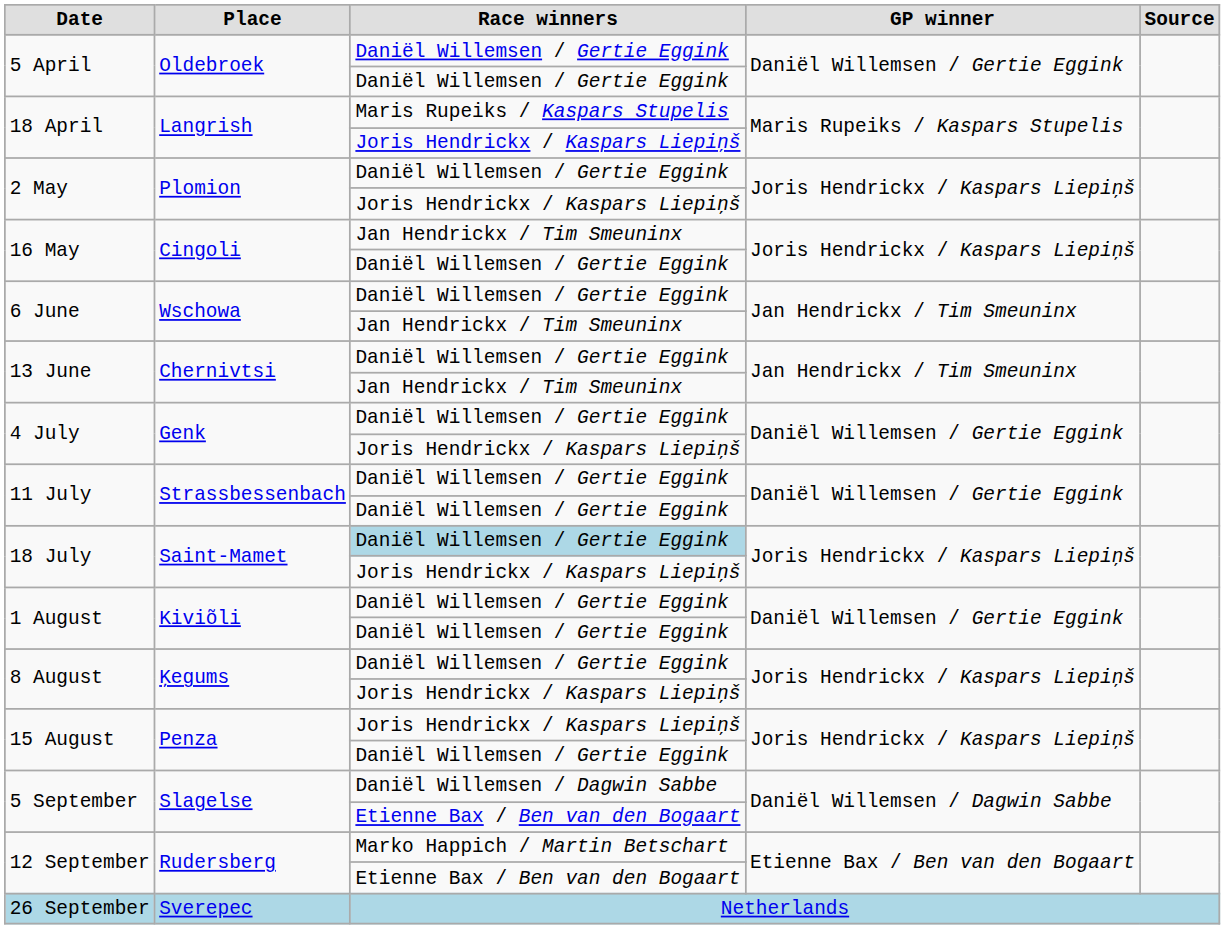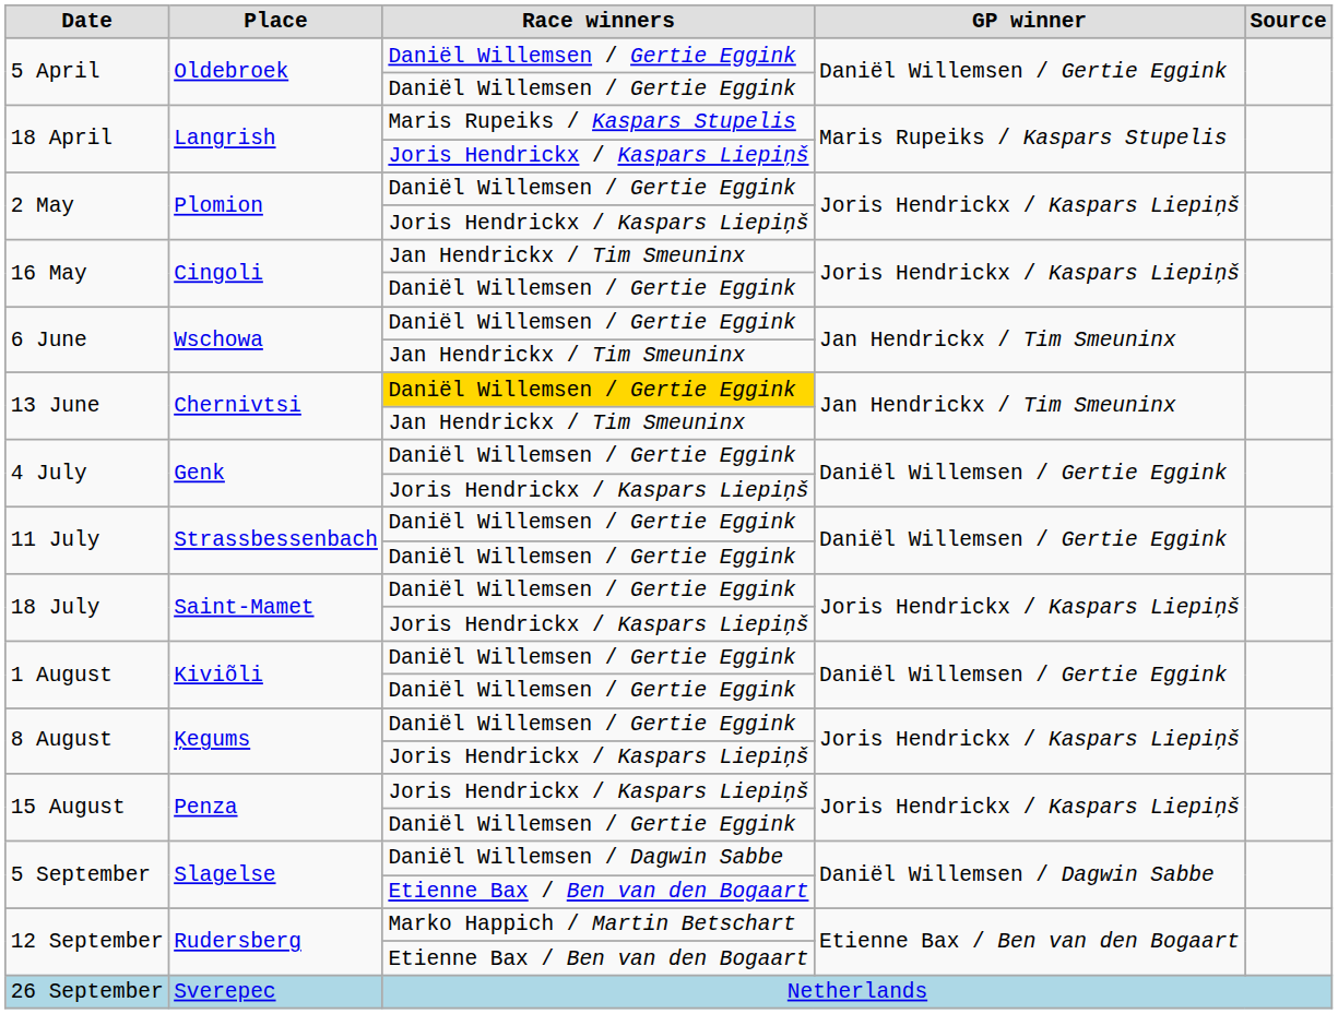 <table class="wikitable" style="font-size: 85%;">
 <tr align="center" style="background:#dfdfdf;">
 <td><strong>Date</strong></td>
 <td><strong>Place</strong></td>
 <td><strong>Race winners</strong></td>
 <td><strong>GP winner</strong></td>
 <td><strong>Source</strong></td>
 </tr>
 <tr>
 <td rowspan=2>5 April</td>
 <td rowspan=2> <a href='#'>Oldebroek</a></td>
 <td> <a href='#'>Daniël Willemsen</a> / <em><a href='#'>Gertie Eggink</a></em></td>
 <td rowspan=2> Daniël Willemsen / <em>Gertie Eggink</em></td>
 <td rowspan=2></td>
 </tr>
 <tr>
 <td> Daniël Willemsen / <em>Gertie Eggink</em></td>
 </tr>
 <tr>
 <td rowspan=2>18 April</td>
 <td rowspan=2> <a href='#'>Langrish</a></td>
 <td> Maris Rupeiks / <em><a href='#'>Kaspars Stupelis</a></em></td>
 <td rowspan=2> Maris Rupeiks / <em>Kaspars Stupelis</em></td>
 <td rowspan=2></td>
 </tr>
 <tr>
 <td> <a href='#'>Joris Hendrickx</a> / <em><a href='#'>Kaspars Liepiņš</a></em></td>
 </tr>
 <tr>
 <td rowspan=2>2 May</td>
 <td rowspan=2> <a href='#'>Plomion</a></td>
 <td> Daniël Willemsen / <em>Gertie Eggink</em></td>
 <td rowspan=2> Joris Hendrickx / <em>Kaspars Liepiņš</em></td>
 <td rowspan=2></td>
 </tr>
 <tr>
 <td> Joris Hendrickx / <em>Kaspars Liepiņš</em></td>
 </tr>
 <tr>
 <td rowspan=2>16 May</td>
 <td rowspan=2> <a href='#'>Cingoli</a></td>
 <td> Jan Hendrickx / <em>Tim Smeuninx</em></td>
 <td rowspan=2> Joris Hendrickx / <em>Kaspars Liepiņš</em></td>
 <td rowspan=2></td>
 </tr>
 <tr>
 <td> Daniël Willemsen / <em>Gertie Eggink</em></td>
 </tr>
 <tr>
 <td rowspan=2>6 June</td>
 <td rowspan=2> <a href='#'>Wschowa</a></td>
 <td> Daniël Willemsen / <em>Gertie Eggink</em></td>
 <td rowspan=2> Jan Hendrickx / <em>Tim Smeuninx</em></td>
 <td rowspan=2></td>
 </tr>
 <tr>
 <td> Jan Hendrickx / <em>Tim Smeuninx</em></td>
 </tr>
 <tr>
 <td rowspan=2>13 June</td>
 <td rowspan=2> <a href='#'>Chernivtsi</a></td>
-<td> Daniël Willemsen / <em>Gertie Eggink</em></td>
+<td style="background: gold;"> Daniël Willemsen / <em>Gertie Eggink</em></td>
 <td rowspan=2> Jan Hendrickx / <em>Tim Smeuninx</em></td>
 <td rowspan=2></td>
 </tr>
 <tr>
 <td> Jan Hendrickx / <em>Tim Smeuninx</em></td>
 </tr>
 <tr>
 <td rowspan=2>4 July</td>
 <td rowspan=2> <a href='#'>Genk</a></td>
 <td> Daniël Willemsen / <em>Gertie Eggink</em></td>
 <td rowspan=2> Daniël Willemsen / <em>Gertie Eggink</em></td>
 <td rowspan=2></td>
 </tr>
 <tr>
 <td> Joris Hendrickx / <em>Kaspars Liepiņš</em></td>
 </tr>
 <tr>
 <td rowspan=2>11 July</td>
 <td rowspan=2> <a href='#'>Strassbessenbach</a></td>
 <td> Daniël Willemsen / <em>Gertie Eggink</em></td>
 <td rowspan=2> Daniël Willemsen / <em>Gertie Eggink</em></td>
 <td rowspan=2></td>
 </tr>
 <tr>
 <td> Daniël Willemsen / <em>Gertie Eggink</em></td>
 </tr>
 <tr>
 <td rowspan=2>18 July</td>
 <td rowspan=2> <a href='#'>Saint-Mamet</a></td>
-<td style="background: lightblue;"> Daniël Willemsen / <em>Gertie Eggink</em></td>
+<td> Daniël Willemsen / <em>Gertie Eggink</em></td>
 <td rowspan=2> Joris Hendrickx / <em>Kaspars Liepiņš</em></td>
 <td rowspan=2></td>
 </tr>
 <tr>
 <td> Joris Hendrickx / <em>Kaspars Liepiņš</em></td>
 </tr>
 <tr>
 <td rowspan=2>1 August</td>
 <td rowspan=2> <a href='#'>Kiviõli</a></td>
 <td> Daniël Willemsen / <em>Gertie Eggink</em></td>
 <td rowspan=2> Daniël Willemsen / <em>Gertie Eggink</em></td>
 <td rowspan=2></td>
 </tr>
 <tr>
 <td> Daniël Willemsen / <em>Gertie Eggink</em></td>
 </tr>
 <tr>
 <td rowspan=2>8 August</td>
 <td rowspan=2> <a href='#'>Ķegums</a></td>
 <td> Daniël Willemsen / <em>Gertie Eggink</em></td>
 <td rowspan=2> Joris Hendrickx / <em>Kaspars Liepiņš</em></td>
 <td rowspan=2></td>
 </tr>
 <tr>
 <td> Joris Hendrickx / <em>Kaspars Liepiņš</em></td>
 </tr>
 <tr>
 <td rowspan=2>15 August</td>
 <td rowspan=2> <a href='#'>Penza</a></td>
 <td> Joris Hendrickx / <em>Kaspars Liepiņš</em></td>
 <td rowspan=2> Joris Hendrickx / <em>Kaspars Liepiņš</em></td>
 <td rowspan=2></td>
 </tr>
 <tr>
 <td> Daniël Willemsen / <em>Gertie Eggink</em></td>
 </tr>
 <tr>
 <td rowspan=2>5 September</td>
 <td rowspan=2> <a href='#'>Slagelse</a></td>
 <td> Daniël Willemsen / <em>Dagwin Sabbe</em></td>
 <td rowspan=2> Daniël Willemsen / <em>Dagwin Sabbe</em></td>
 <td rowspan=2></td>
 </tr>
 <tr>
 <td> <a href='#'>Etienne Bax</a> / <em><a href='#'>Ben van den Bogaart</a></em></td>
 </tr>
 <tr>
 <td rowspan=2>12 September</td>
 <td rowspan=2> <a href='#'>Rudersberg</a></td>
 <td> Marko Happich / <em>Martin Betschart</em></td>
 <td rowspan=2> Etienne Bax / <em>Ben van den Bogaart</em></td>
 <td rowspan=2></td>
 </tr>
 <tr>
 <td> Etienne Bax / <em>Ben van den Bogaart</em></td>
 </tr>
 <tr style="background:lightblue;">
 <td rowspan=2>26 September</td>
 <td rowspan=2> <a href='#'>Sverepec</a></td>
 <td colspan=3 align="center"> <a href='#'>Netherlands</a></td>
 </tr>
 </table>
